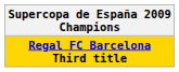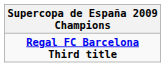 <table class=wikitable style="text-align:center; margin:auto">
 <tr>
 <th>Supercopa de España 2009 <br> Champions</th>
 </tr>
 <tr>
-<td style="background: gold;"><strong><a href='#'>Regal FC Barcelona</a></strong> <br> <strong>Third title</strong></td>
+<td><strong><a href='#'>Regal FC Barcelona</a></strong> <br> <strong>Third title</strong></td>
 </tr>
 </table>
